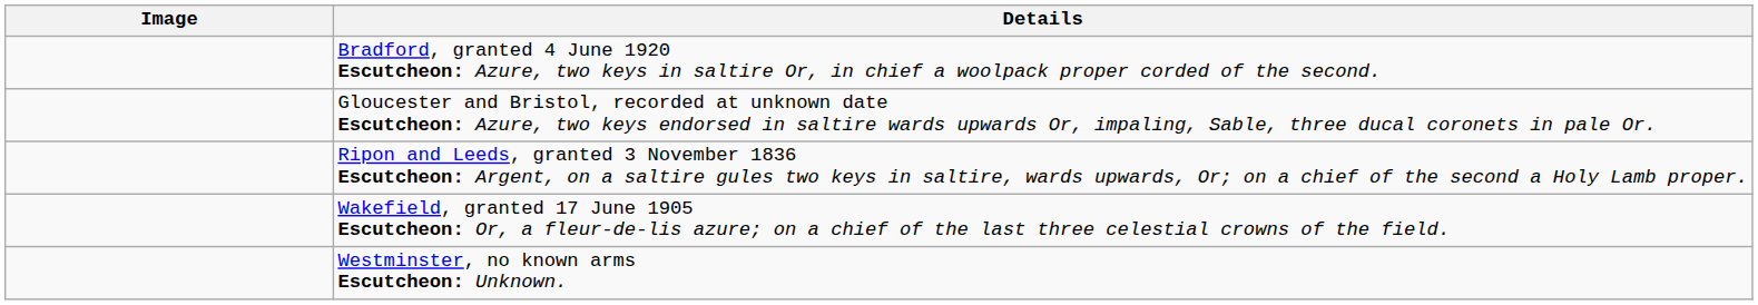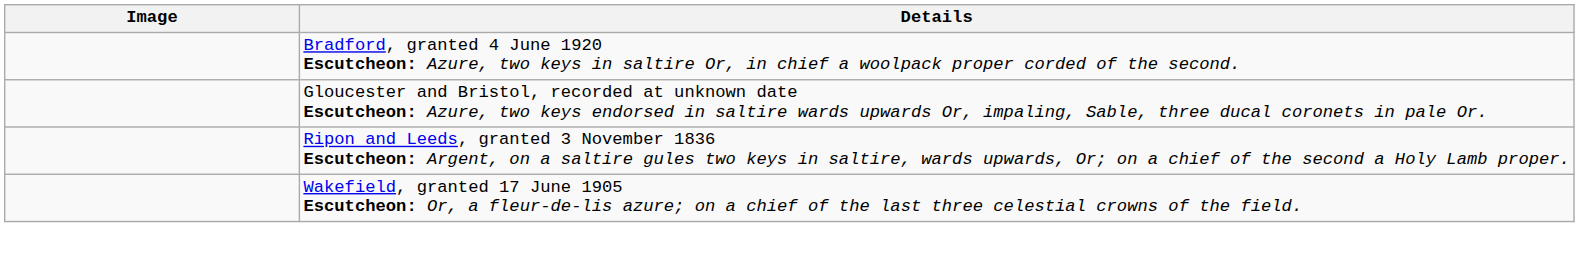 <table class=wikitable style=font-size:95%>
 <tr style="vertical-align:top; text-align:center;">
 <th style="width:206px;">Image</th>
 <th>Details</th>
 </tr>
 <tr valign=top>
 <td align=center></td>
 <td><a href='#'>Bradford</a>, granted 4 June 1920<br><strong>Escutcheon:</strong> <em>Azure, two keys in saltire Or, in chief a woolpack proper corded of the second.</em> </td>
 </tr>
 <tr valign=top>
 <td align=center></td>
 <td>Gloucester and Bristol, recorded at unknown date<br><strong>Escutcheon:</strong> <em>Azure, two keys endorsed in saltire wards upwards Or, impaling, Sable, three ducal coronets in pale Or.</em> </td>
 </tr>
 <tr valign=top>
 <td align=center></td>
 <td><a href='#'>Ripon and Leeds</a>, granted 3 November 1836<br><strong>Escutcheon:</strong> <em>Argent, on a saltire gules two keys in saltire, wards upwards, Or; on a chief of the second a Holy Lamb proper.</em> </td>
 </tr>
 <tr valign=top>
 <td align=center></td>
 <td><a href='#'>Wakefield</a>, granted 17 June 1905<br><strong>Escutcheon:</strong> <em>Or, a fleur-de-lis azure; on a chief of the last three celestial crowns of the field.</em> </td>
 </tr>
-<tr valign=top>
-<td align=center></td>
-<td><a href='#'>Westminster</a>, no known arms<br><strong>Escutcheon:</strong> <em>Unknown.</em> </td>
-</tr>
 </table>
